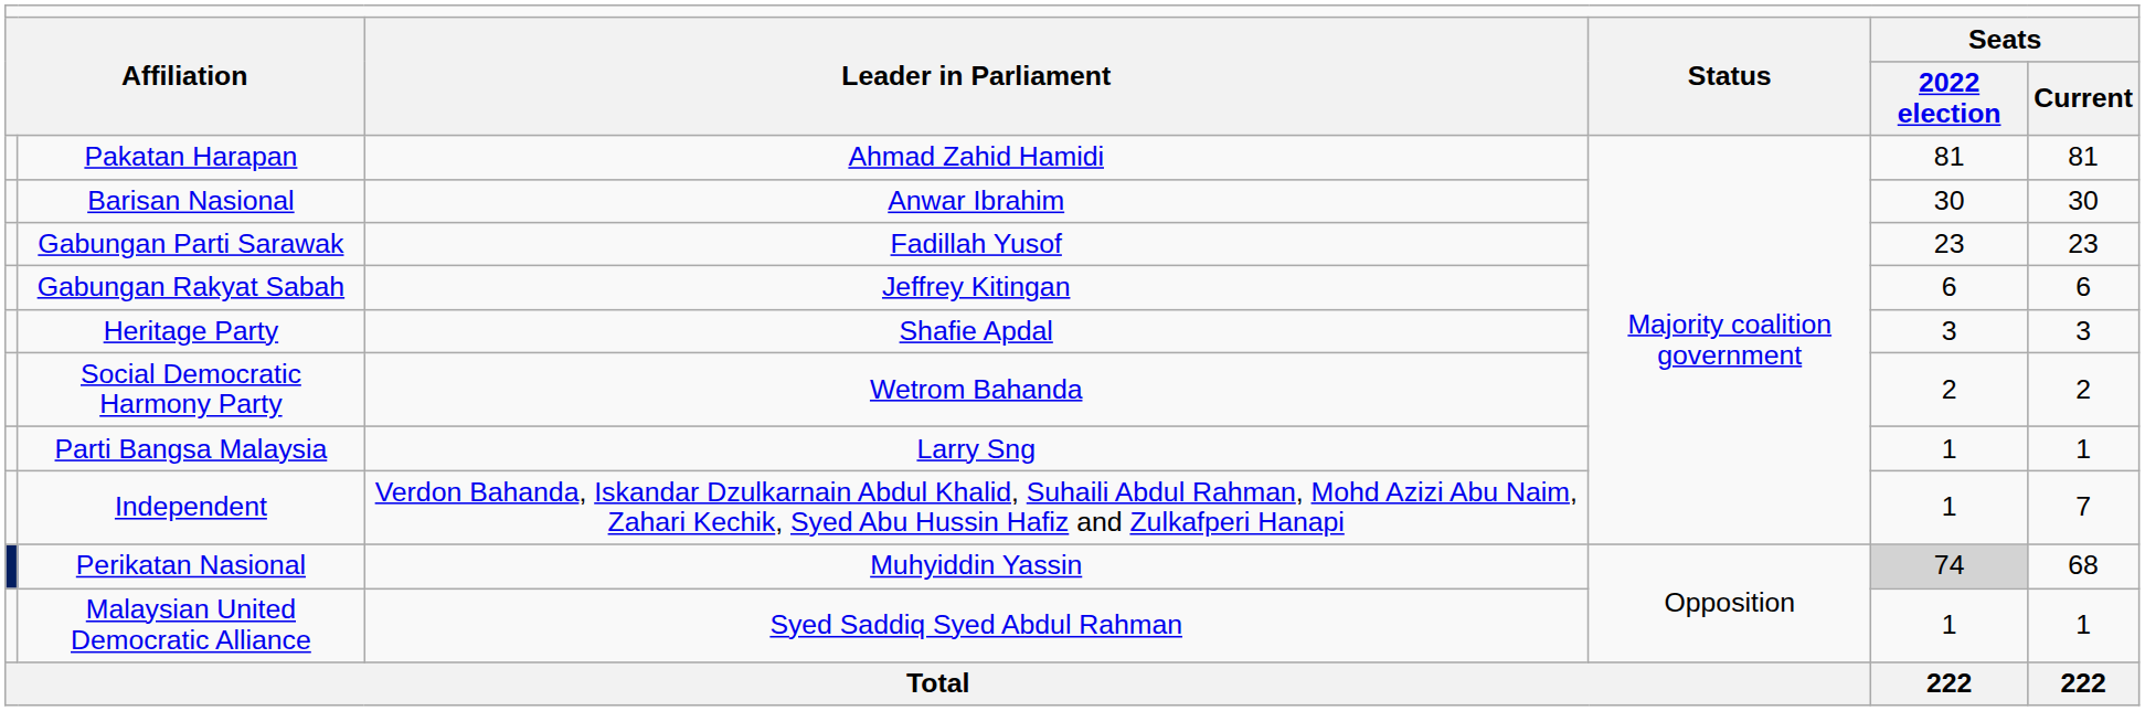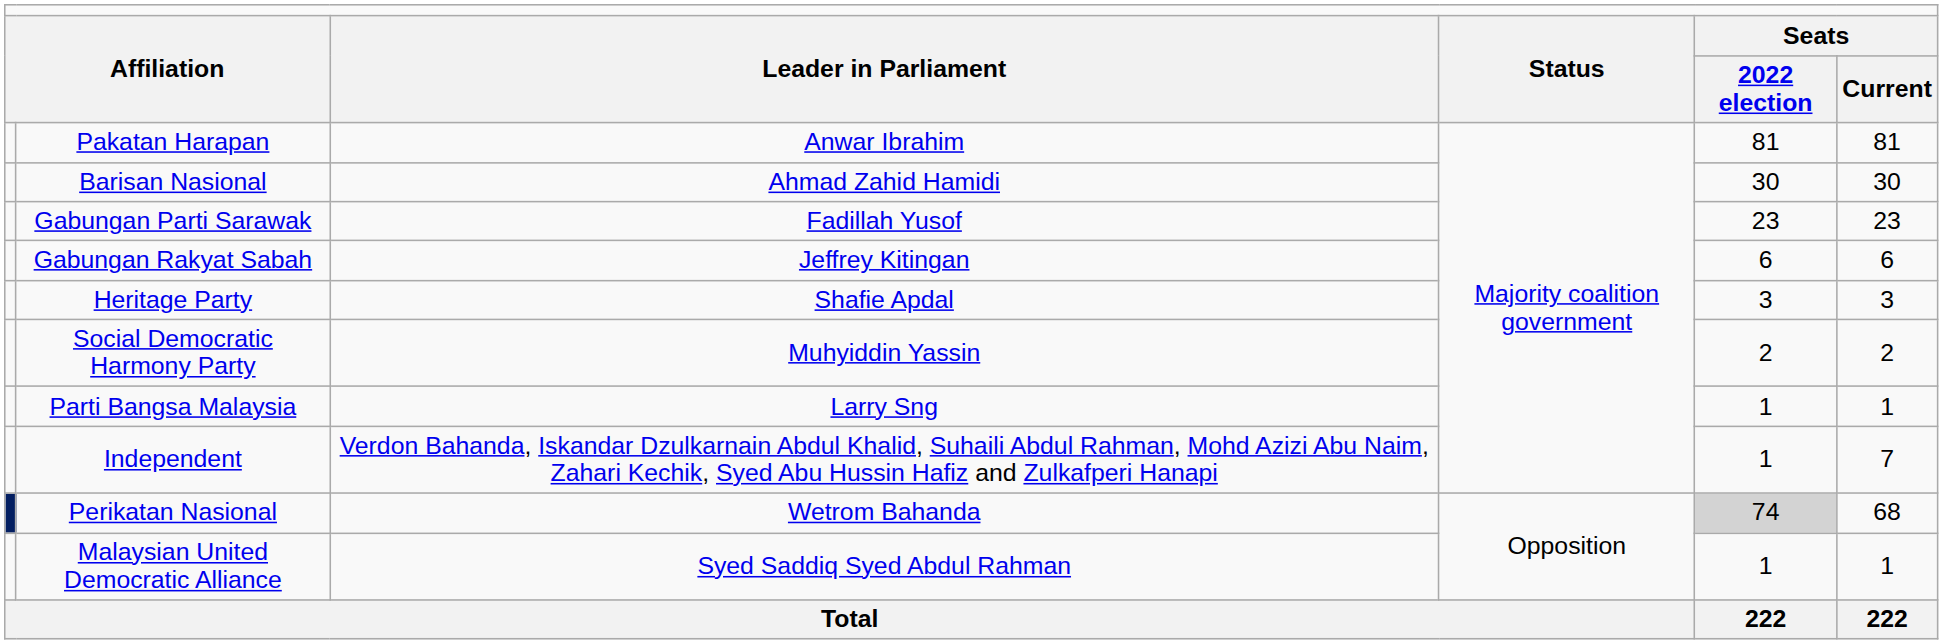 <table class="wikitable" style="text-align:center;">
 <tr>
 <td colspan=6></td>
 </tr>
 <tr>
 <th colspan="2" rowspan="2">Affiliation</th>
 <th rowspan="2">Leader in Parliament</th>
 <th rowspan="2">Status</th>
 <th colspan="2">Seats</th>
 </tr>
 <tr>
 <th><a href='#'>2022 election</a></th>
 <th>Current</th>
 </tr>
 <tr>
 <td style="background:"></td>
 <td><a href='#'>Pakatan Harapan</a></td>
-<td><a href='#'>Ahmad Zahid Hamidi</a></td>
+<td><a href='#'>Anwar Ibrahim</a></td>
 <td rowspan="8"><a href='#'>Majority coalition government</a></td>
 <td>81</td>
 <td>81</td>
 </tr>
 <tr>
 <td style="background:"></td>
 <td><a href='#'>Barisan Nasional</a></td>
-<td><a href='#'>Anwar Ibrahim</a></td>
+<td><a href='#'>Ahmad Zahid Hamidi</a></td>
 <td>30</td>
 <td>30</td>
 </tr>
 <tr>
 <td style="background:"></td>
 <td><a href='#'>Gabungan Parti Sarawak</a></td>
 <td><a href='#'>Fadillah Yusof</a></td>
 <td>23</td>
 <td>23</td>
 </tr>
 <tr>
 <td style="background:"></td>
 <td><a href='#'>Gabungan Rakyat Sabah</a></td>
 <td><a href='#'>Jeffrey Kitingan</a></td>
 <td>6</td>
 <td>6</td>
 </tr>
 <tr>
 <td style="background:"></td>
 <td><a href='#'>Heritage Party</a></td>
 <td><a href='#'>Shafie Apdal</a></td>
 <td>3</td>
 <td>3</td>
 </tr>
 <tr>
 <td style="background:"></td>
 <td><a href='#'>Social Democratic Harmony Party</a></td>
-<td><a href='#'>Wetrom Bahanda</a></td>
+<td><a href='#'>Muhyiddin Yassin</a></td>
 <td>2</td>
 <td>2</td>
 </tr>
 <tr>
 <td style="background:"></td>
 <td><a href='#'>Parti Bangsa Malaysia</a></td>
 <td><a href='#'>Larry Sng</a></td>
 <td>1</td>
 <td>1</td>
 </tr>
 <tr>
 <td style="background:"></td>
 <td><a href='#'>Independent</a></td>
 <td><a href='#'>Verdon Bahanda</a>, <a href='#'>Iskandar Dzulkarnain Abdul Khalid</a>, <a href='#'>Suhaili Abdul Rahman</a>, <a href='#'>Mohd Azizi Abu Naim</a>, <a href='#'>Zahari Kechik</a>, <a href='#'>Syed Abu Hussin Hafiz</a> and <a href='#'>Zulkafperi Hanapi</a></td>
 <td>1</td>
 <td>7</td>
 </tr>
 <tr>
 <td style="background:#031E61"></td>
 <td><a href='#'>Perikatan Nasional</a></td>
-<td><a href='#'>Muhyiddin Yassin</a></td>
+<td><a href='#'>Wetrom Bahanda</a></td>
 <td rowspan="2">Opposition</td>
 <td style="background: lightgrey;">74</td>
 <td>68</td>
 </tr>
 <tr>
 <td style="background:"></td>
 <td><a href='#'>Malaysian United Democratic Alliance</a></td>
 <td><a href='#'>Syed Saddiq Syed Abdul Rahman</a></td>
 <td>1</td>
 <td>1</td>
 </tr>
 <tr>
 <th colspan="4">Total</th>
 <th>222</th>
 <th>222</th>
 </tr>
 </table>
